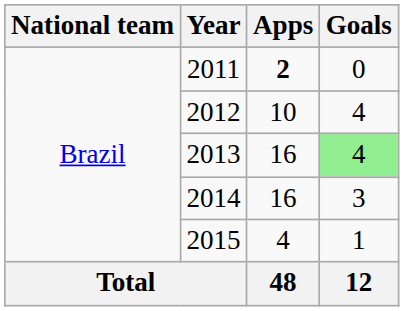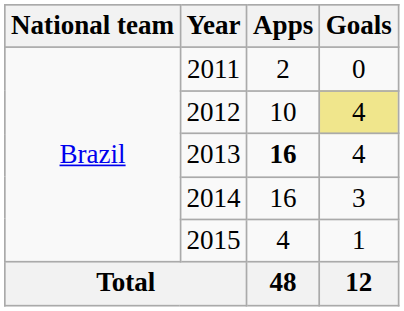 <table class="wikitable" style="text-align: center;">
 <tr>
 <th>National team</th>
 <th>Year</th>
 <th>Apps</th>
 <th>Goals</th>
 </tr>
 <tr>
 <td rowspan="5"><a href='#'>Brazil</a></td>
 <td>2011</td>
-<td><strong>2</strong></td>
+<td>2</td>
 <td>0</td>
 </tr>
 <tr>
 <td>2012</td>
 <td>10</td>
-<td>4</td>
+<td style="background: khaki;">4</td>
 </tr>
 <tr>
 <td>2013</td>
-<td>16</td>
-<td style="background: lightgreen;">4</td>
+<td><strong>16</strong></td>
+<td>4</td>
 </tr>
 <tr>
 <td>2014</td>
 <td>16</td>
 <td>3</td>
 </tr>
 <tr>
 <td>2015</td>
 <td>4</td>
 <td>1</td>
 </tr>
 <tr>
 <th colspan="2">Total</th>
 <th>48</th>
 <th>12</th>
 </tr>
 </table>
